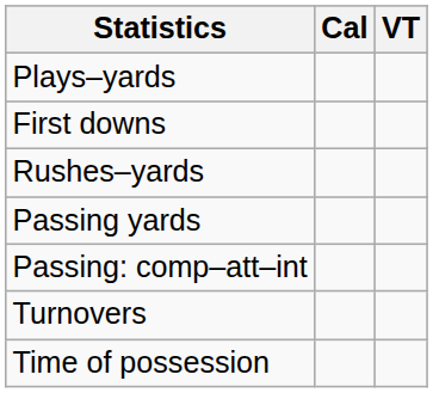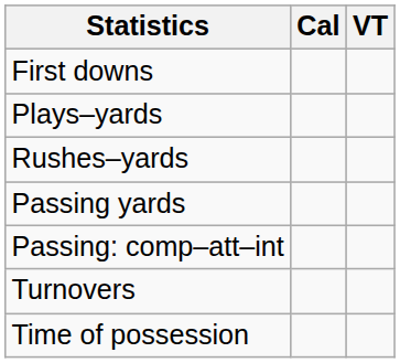 <table class="wikitable" style="float:left">
 <tr>
 <th>Statistics</th>
 <th>Cal</th>
 <th>VT</th>
 </tr>
 <tr>
-<td>Plays–yards</td>
+<td>First downs</td>
 <td></td>
 <td></td>
 </tr>
 <tr>
-<td>First downs</td>
+<td>Plays–yards</td>
 <td></td>
 <td></td>
 </tr>
 <tr>
 <td>Rushes–yards</td>
 <td></td>
 <td></td>
 </tr>
 <tr>
 <td>Passing yards</td>
 <td></td>
 <td></td>
 </tr>
 <tr>
 <td>Passing: comp–att–int</td>
 <td></td>
 <td></td>
 </tr>
 <tr>
 <td>Turnovers</td>
 <td></td>
 <td></td>
 </tr>
 <tr>
 <td>Time of possession</td>
 <td></td>
 <td></td>
 </tr>
 </table>
